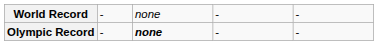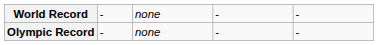 <table class="wikitable" style="font-size:95%;">
 <tr>
 <th>World Record</th>
 <td width=40>-</td>
 <td width=100><em>none</em></td>
 <td width=100>-</td>
 <td width=100>-</td>
 </tr>
 <tr>
 <th>Olympic Record</th>
 <td>-</td>
-<td><strong><em>none</em></strong></td>
+<td><em>none</em></td>
 <td>-</td>
 <td>-</td>
 </tr>
 </table>
